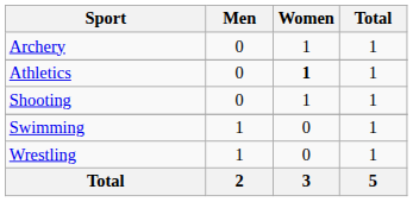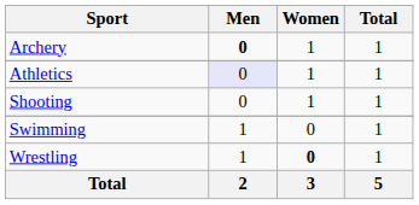 <table class="wikitable sortable" style="text-align:center;">
 <tr>
 <th width=180>Sport</th>
 <th width=55>Men</th>
 <th width=55>Women</th>
 <th width=55>Total</th>
 </tr>
 <tr>
 <td align=left><a href='#'>Archery</a></td>
-<td>0</td>
+<td><strong>0</strong></td>
 <td>1</td>
 <td>1</td>
 </tr>
 <tr>
 </tr>
 <tr>
 <td align=left><a href='#'>Athletics</a></td>
-<td>0</td>
-<td><strong>1</strong></td>
+<td style="background: lavender;">0</td>
+<td>1</td>
 <td>1</td>
 </tr>
 <tr>
 <td align=left><a href='#'>Shooting</a></td>
 <td>0</td>
 <td>1</td>
 <td>1</td>
 </tr>
 <tr>
 </tr>
 <tr>
 <td align=left><a href='#'>Swimming</a></td>
 <td>1</td>
 <td>0</td>
 <td>1</td>
 </tr>
 <tr>
 <td align=left><a href='#'>Wrestling</a></td>
 <td>1</td>
-<td>0</td>
+<td><strong>0</strong></td>
 <td>1</td>
 </tr>
 <tr>
 <th>Total</th>
 <th>2</th>
 <th>3</th>
 <th>5</th>
 </tr>
 </table>
